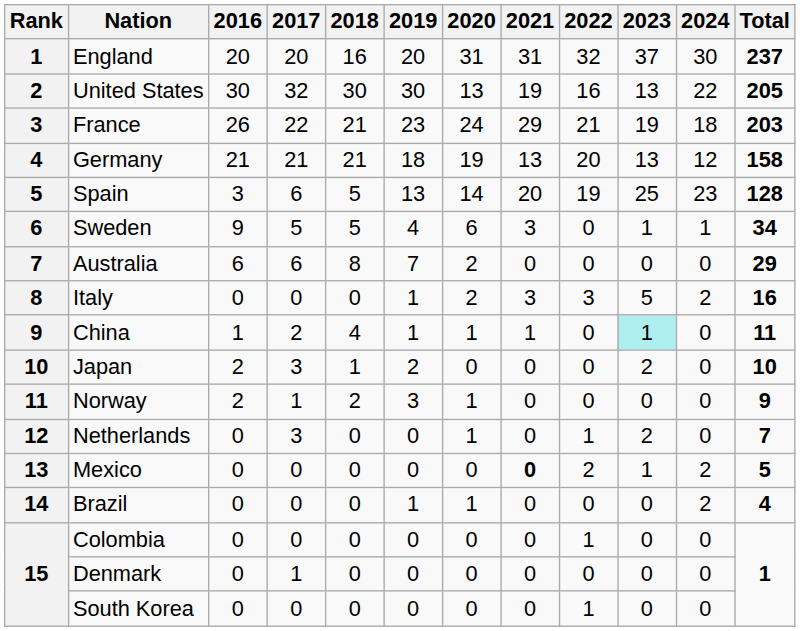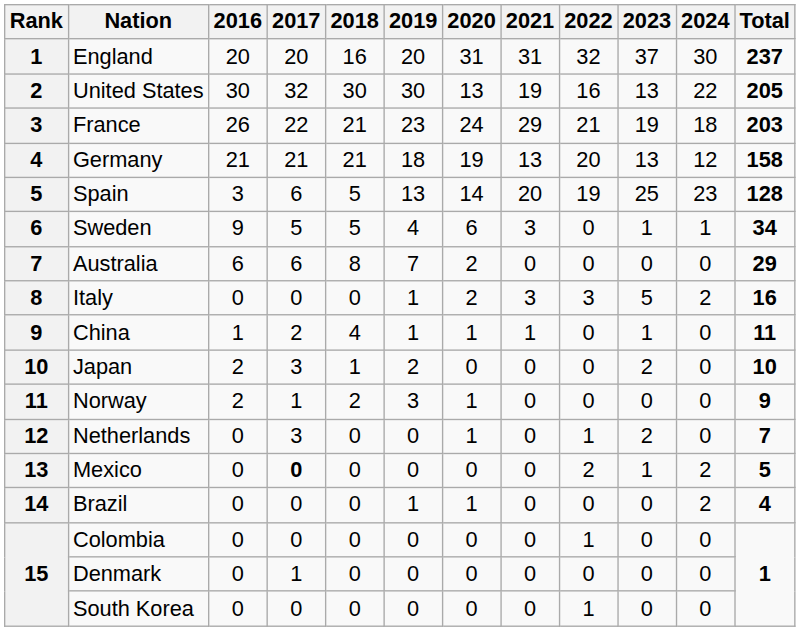 <table class="wikitable sortable" style="text-align: center">
 <tr>
 <th>Rank</th>
 <th>Nation</th>
 <th>2016</th>
 <th>2017</th>
 <th>2018</th>
 <th>2019</th>
 <th>2020</th>
 <th>2021</th>
 <th>2022</th>
 <th>2023</th>
 <th>2024</th>
 <th>Total</th>
 </tr>
 <tr>
 <th>1</th>
 <td style="text-align:left;"> England</td>
 <td>20</td>
 <td>20</td>
 <td>16</td>
 <td>20</td>
 <td>31</td>
 <td>31</td>
 <td>32</td>
 <td>37</td>
 <td>30</td>
 <td><strong>237</strong></td>
 </tr>
 <tr>
 <th>2</th>
 <td style="text-align:left;"> United States</td>
 <td>30</td>
 <td>32</td>
 <td>30</td>
 <td>30</td>
 <td>13</td>
 <td>19</td>
 <td>16</td>
 <td>13</td>
 <td>22</td>
 <td><strong>205</strong></td>
 </tr>
 <tr>
 <th>3</th>
 <td style="text-align:left;"> France</td>
 <td>26</td>
 <td>22</td>
 <td>21</td>
 <td>23</td>
 <td>24</td>
 <td>29</td>
 <td>21</td>
 <td>19</td>
 <td>18</td>
 <td><strong>203</strong></td>
 </tr>
 <tr>
 <th>4</th>
 <td style="text-align:left;"> Germany</td>
 <td>21</td>
 <td>21</td>
 <td>21</td>
 <td>18</td>
 <td>19</td>
 <td>13</td>
 <td>20</td>
 <td>13</td>
 <td>12</td>
 <td><strong>158</strong></td>
 </tr>
 <tr>
 <th>5</th>
 <td style="text-align:left;"> Spain</td>
 <td>3</td>
 <td>6</td>
 <td>5</td>
 <td>13</td>
 <td>14</td>
 <td>20</td>
 <td>19</td>
 <td>25</td>
 <td>23</td>
 <td><strong>128</strong></td>
 </tr>
 <tr>
 <th>6</th>
 <td style="text-align:left;"> Sweden</td>
 <td>9</td>
 <td>5</td>
 <td>5</td>
 <td>4</td>
 <td>6</td>
 <td>3</td>
 <td>0</td>
 <td>1</td>
 <td>1</td>
 <td><strong>34</strong></td>
 </tr>
 <tr>
 <th>7</th>
 <td style="text-align:left;"> Australia</td>
 <td>6</td>
 <td>6</td>
 <td>8</td>
 <td>7</td>
 <td>2</td>
 <td>0</td>
 <td>0</td>
 <td>0</td>
 <td>0</td>
 <td><strong>29</strong></td>
 </tr>
 <tr>
 <th>8</th>
 <td style="text-align:left;"> Italy</td>
 <td>0</td>
 <td>0</td>
 <td>0</td>
 <td>1</td>
 <td>2</td>
 <td>3</td>
 <td>3</td>
 <td>5</td>
 <td>2</td>
 <td><strong>16</strong></td>
 </tr>
 <tr>
 <th>9</th>
 <td style="text-align:left;"> China</td>
 <td>1</td>
 <td>2</td>
 <td>4</td>
 <td>1</td>
 <td>1</td>
 <td>1</td>
 <td>0</td>
-<td style="background: paleturquoise;">1</td>
+<td>1</td>
 <td>0</td>
 <td><strong>11</strong></td>
 </tr>
 <tr>
 <th>10</th>
 <td style="text-align:left;"> Japan</td>
 <td>2</td>
 <td>3</td>
 <td>1</td>
 <td>2</td>
 <td>0</td>
 <td>0</td>
 <td>0</td>
 <td>2</td>
 <td>0</td>
 <td><strong>10</strong></td>
 </tr>
 <tr>
 <th>11</th>
 <td style="text-align:left;"> Norway</td>
 <td>2</td>
 <td>1</td>
 <td>2</td>
 <td>3</td>
 <td>1</td>
 <td>0</td>
 <td>0</td>
 <td>0</td>
 <td>0</td>
 <td><strong>9</strong></td>
 </tr>
 <tr>
 <th>12</th>
 <td style="text-align:left;"> Netherlands</td>
 <td>0</td>
 <td>3</td>
 <td>0</td>
 <td>0</td>
 <td>1</td>
 <td>0</td>
 <td>1</td>
 <td>2</td>
 <td>0</td>
 <td><strong>7</strong></td>
 </tr>
 <tr>
 <th>13</th>
 <td style="text-align:left;"> Mexico</td>
 <td>0</td>
+<td><strong>0</strong></td>
 <td>0</td>
 <td>0</td>
 <td>0</td>
 <td>0</td>
-<td><strong>0</strong></td>
 <td>2</td>
 <td>1</td>
 <td>2</td>
 <td><strong>5</strong></td>
 </tr>
 <tr>
 <th>14</th>
 <td style="text-align:left;"> Brazil</td>
 <td>0</td>
 <td>0</td>
 <td>0</td>
 <td>1</td>
 <td>1</td>
 <td>0</td>
 <td>0</td>
 <td>0</td>
 <td>2</td>
 <td><strong>4</strong></td>
 </tr>
 <tr>
 <th rowspan=3>15</th>
 <td style="text-align:left;"> Colombia</td>
 <td>0</td>
 <td>0</td>
 <td>0</td>
 <td>0</td>
 <td>0</td>
 <td>0</td>
 <td>1</td>
 <td>0</td>
 <td>0</td>
 <td rowspan=3><strong>1</strong></td>
 </tr>
 <tr>
 <td style="text-align:left;"> Denmark</td>
 <td>0</td>
 <td>1</td>
 <td>0</td>
 <td>0</td>
 <td>0</td>
 <td>0</td>
 <td>0</td>
 <td>0</td>
 <td>0</td>
 </tr>
 <tr>
 <td style="text-align:left;"> South Korea</td>
 <td>0</td>
 <td>0</td>
 <td>0</td>
 <td>0</td>
 <td>0</td>
 <td>0</td>
 <td>1</td>
 <td>0</td>
 <td>0</td>
 </tr>
 </table>
